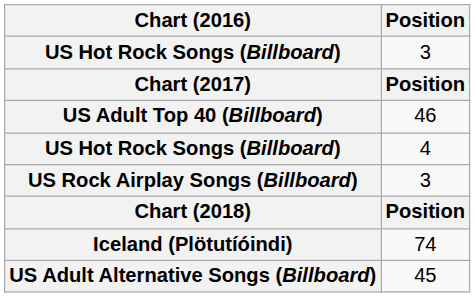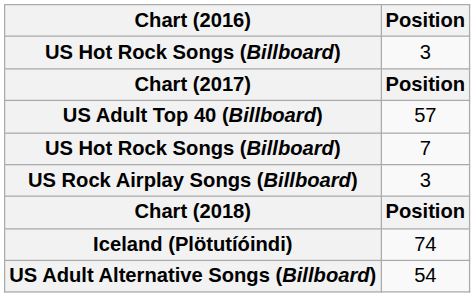 <table class="wikitable sortable plainrowheaders" style="text-align:center">
 <tr>
 <th scope="col">Chart (2016)</th>
 <th scope="col">Position</th>
 </tr>
 <tr>
 <th scope="row">US Hot Rock Songs (<em>Billboard</em>)</th>
 <td>3</td>
 </tr>
 <tr>
 <th scope="col">Chart (2017)</th>
 <th scope="col">Position</th>
 </tr>
 <tr>
 <th scope="row">US Adult Top 40 (<em>Billboard</em>)</th>
-<td>46</td>
+<td>57</td>
 </tr>
 <tr>
 <th scope="row">US Hot Rock Songs (<em>Billboard</em>)</th>
-<td>4</td>
+<td>7</td>
 </tr>
 <tr>
 <th scope="row">US Rock Airplay Songs (<em>Billboard</em>)</th>
 <td>3</td>
 </tr>
 <tr>
 <th scope="col">Chart (2018)</th>
 <th scope="col">Position</th>
 </tr>
 <tr>
 <th scope="row">Iceland (Plötutíóindi)</th>
 <td>74</td>
 </tr>
 <tr>
 <th scope="row">US Adult Alternative Songs (<em>Billboard</em>)</th>
-<td>45</td>
+<td>54</td>
 </tr>
 </table>
